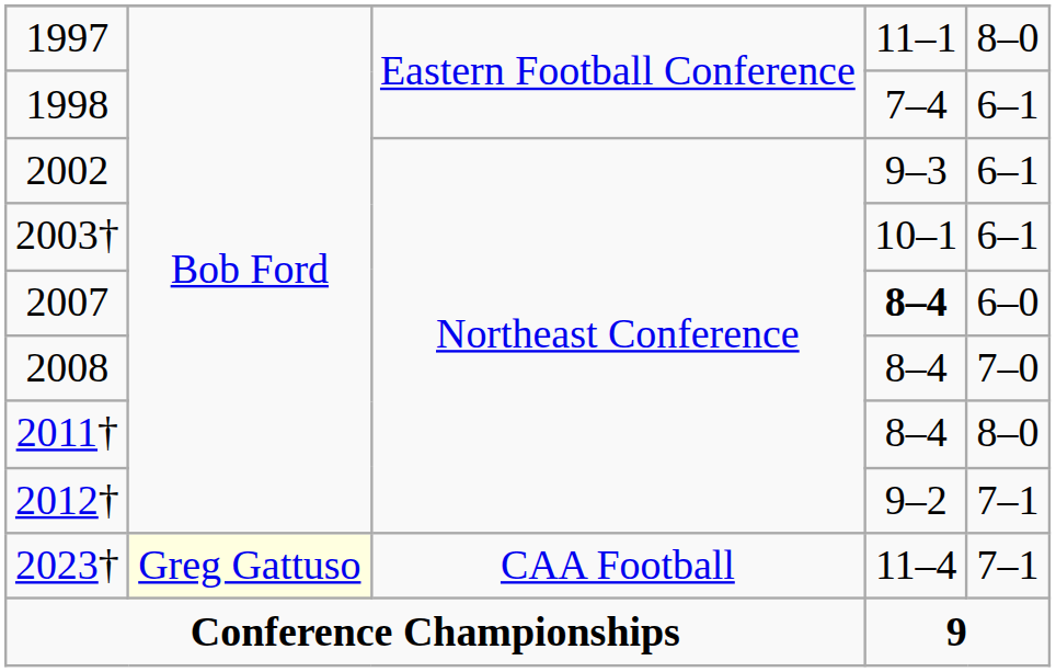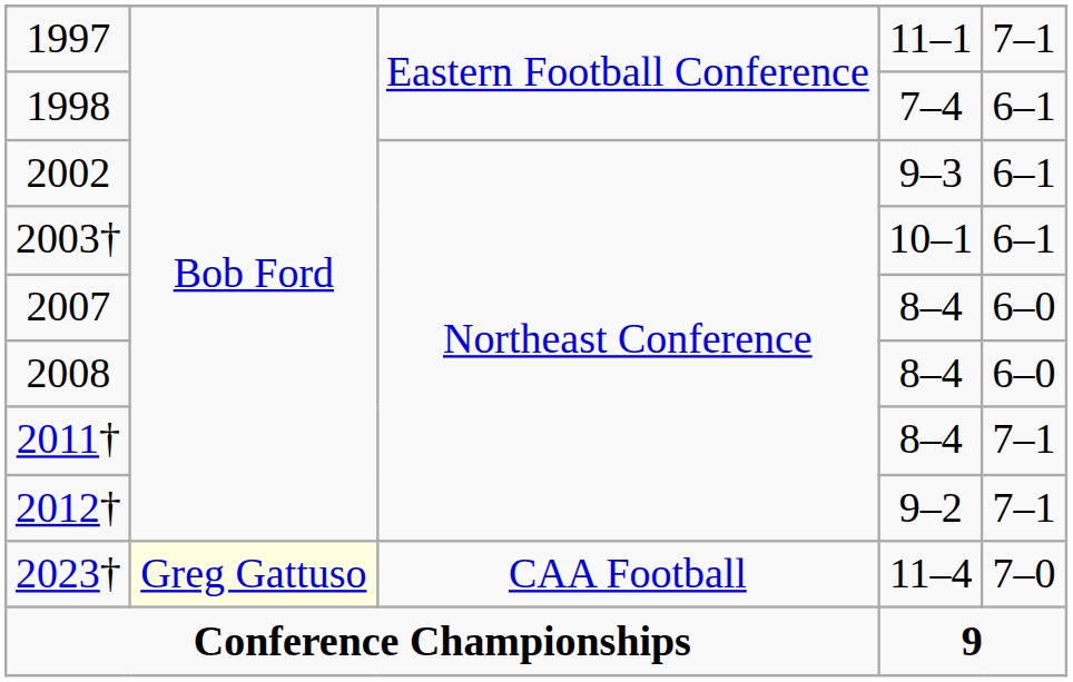 <table class="wikitable" style="text-align:center;">
 <tr>
 </tr>
 <tr>
 <td>1997</td>
 <td rowspan="8"><a href='#'>Bob Ford</a></td>
 <td rowspan="2"><a href='#'>Eastern Football Conference</a></td>
 <td>11–1</td>
-<td>8–0</td>
+<td>7–1</td>
 </tr>
 <tr align="center">
 <td>1998</td>
 <td>7–4</td>
 <td>6–1</td>
 </tr>
 <tr>
 <td>2002</td>
 <td rowspan="6"><a href='#'>Northeast Conference</a></td>
 <td>9–3</td>
 <td>6–1</td>
 </tr>
 <tr align="center">
 <td>2003†</td>
 <td>10–1</td>
 <td>6–1</td>
 </tr>
 <tr align="center">
 <td>2007</td>
-<td><strong>8–4</strong></td>
+<td>8–4</td>
 <td>6–0</td>
 </tr>
 <tr align="center">
 <td>2008</td>
 <td>8–4</td>
-<td>7–0</td>
+<td>6–0</td>
 </tr>
 <tr align="center">
 <td><a href='#'>2011</a>†</td>
 <td>8–4</td>
-<td>8–0</td>
+<td>7–1</td>
 </tr>
 <tr align="center">
 <td><a href='#'>2012</a>†</td>
 <td>9–2</td>
 <td>7–1</td>
 </tr>
 <tr align="center">
 <td><a href='#'>2023</a>†</td>
 <td style="background: lightyellow;"><a href='#'>Greg Gattuso</a></td>
 <td><a href='#'>CAA Football</a></td>
 <td>11–4</td>
-<td>7–1</td>
+<td>7–0</td>
 </tr>
 <tr align="center">
 <td colspan=3><strong>Conference Championships</strong></td>
 <td colspan=3><strong>9</strong></td>
 </tr>
 </table>
